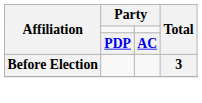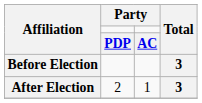 <table class="wikitable" style="text-align:center">
 <tr>
 <th rowspan="3">Affiliation</th>
 <th colspan="2">Party</th>
 <th rowspan="3">Total</th>
 </tr>
 <tr>
 <td style="background-color:"></td>
 <td style="background-color:"></td>
 </tr>
 <tr>
 <th><a href='#'>PDP</a></th>
 <th><a href='#'>AC</a></th>
 </tr>
 <tr>
 <th>Before Election</th>
 <td></td>
 <td></td>
 <th>3</th>
 </tr>
 <tr>
+<th>After Election</th>
+<td>2</td>
+<td>1</td>
+<th>3</th>
+</tr>
+<tr>
 </tr>
 </table>
